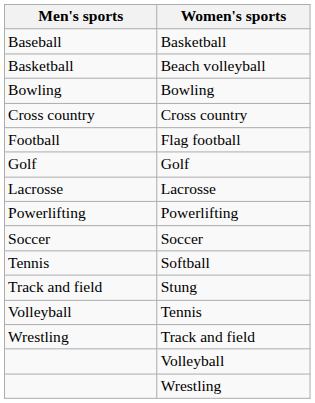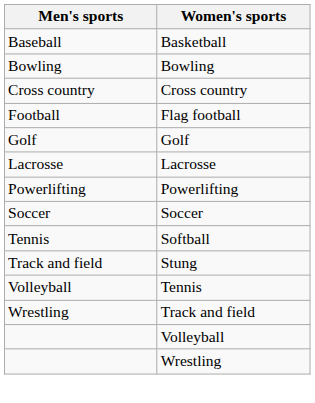 <table class="wikitable"; style= "text-align: ">
 <tr>
 <th width=150px>Men's sports</th>
 <th width=150px>Women's sports</th>
 </tr>
 <tr>
 <td>Baseball</td>
 <td>Basketball</td>
-</tr>
-<tr>
-<td>Basketball</td>
-<td>Beach volleyball</td>
 </tr>
 <tr>
 <td>Bowling</td>
 <td>Bowling</td>
 </tr>
 <tr>
 <td>Cross country</td>
 <td>Cross country</td>
 </tr>
 <tr>
 <td>Football</td>
 <td>Flag football</td>
 </tr>
 <tr>
 <td>Golf</td>
 <td>Golf</td>
 </tr>
 <tr>
 <td>Lacrosse</td>
 <td>Lacrosse</td>
 </tr>
 <tr>
 <td>Powerlifting</td>
 <td>Powerlifting</td>
 </tr>
 <tr>
 <td>Soccer</td>
 <td>Soccer</td>
 </tr>
 <tr>
 <td>Tennis</td>
 <td>Softball</td>
 </tr>
 <tr>
 <td>Track and field</td>
 <td>Stung</td>
 </tr>
 <tr>
 <td>Volleyball</td>
 <td>Tennis</td>
 </tr>
 <tr>
 <td>Wrestling</td>
 <td>Track and field</td>
 </tr>
 <tr>
 <td></td>
 <td>Volleyball</td>
 </tr>
 <tr>
 <td></td>
 <td>Wrestling</td>
 </tr>
 </table>
